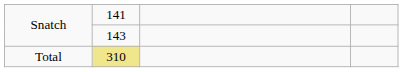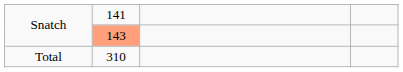 <table class = "wikitable" style="text-align:center;">
 <tr>
 <td rowspan=2 width=100>Snatch</td>
 <td width=50>141</td>
 <td width=250 align=left></td>
 <td width=50></td>
 </tr>
 <tr>
-<td>143</td>
+<td style="background: lightsalmon;">143</td>
 <td align=left></td>
 <td></td>
 </tr>
 <tr>
 <td>Total</td>
-<td style="background: khaki;">310</td>
+<td>310</td>
 <td align=left></td>
 <td></td>
 </tr>
 </table>
